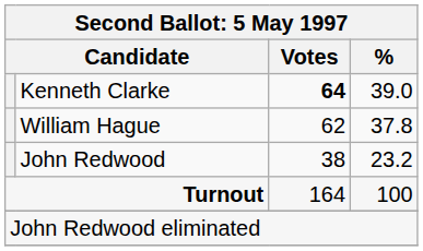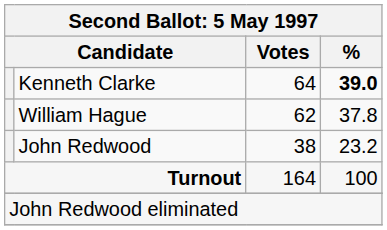 <table class="wikitable" style="font-size: 95%;">
 <tr>
 <th colspan="4">Second Ballot: 5 May 1997</th>
 </tr>
 <tr>
 <th colspan="2" style="width: 170px">Candidate</th>
 <th style="width: 50px">Votes</th>
 <th style="width: 40px">%</th>
 </tr>
 <tr>
 <th style="background-color: "></th>
 <td style="width: 170px">Kenneth Clarke</td>
-<td align="right"><strong>64</strong></td>
-<td align="right">39.0</td>
+<td align="right">64</td>
+<td align="right"><strong>39.0</strong></td>
 </tr>
 <tr>
 <th style="background-color: "></th>
 <td style="width: 170px">William Hague</td>
 <td align="right">62</td>
 <td align="right">37.8</td>
 </tr>
 <tr>
 <th style="background-color: "></th>
 <td style="width: 170px">John Redwood</td>
 <td align="right">38</td>
 <td align="right">23.2</td>
 </tr>
 <tr style="background-color:#F6F6F6">
 <td colspan="2" align="right"><strong>Turnout</strong></td>
 <td align="right">164</td>
 <td align="right">100</td>
 </tr>
 <tr>
 </tr>
 <tr style="background-color:#F6F6F6">
 <td colspan="4">John Redwood eliminated</td>
 </tr>
 <tr>
 </tr>
 </table>
